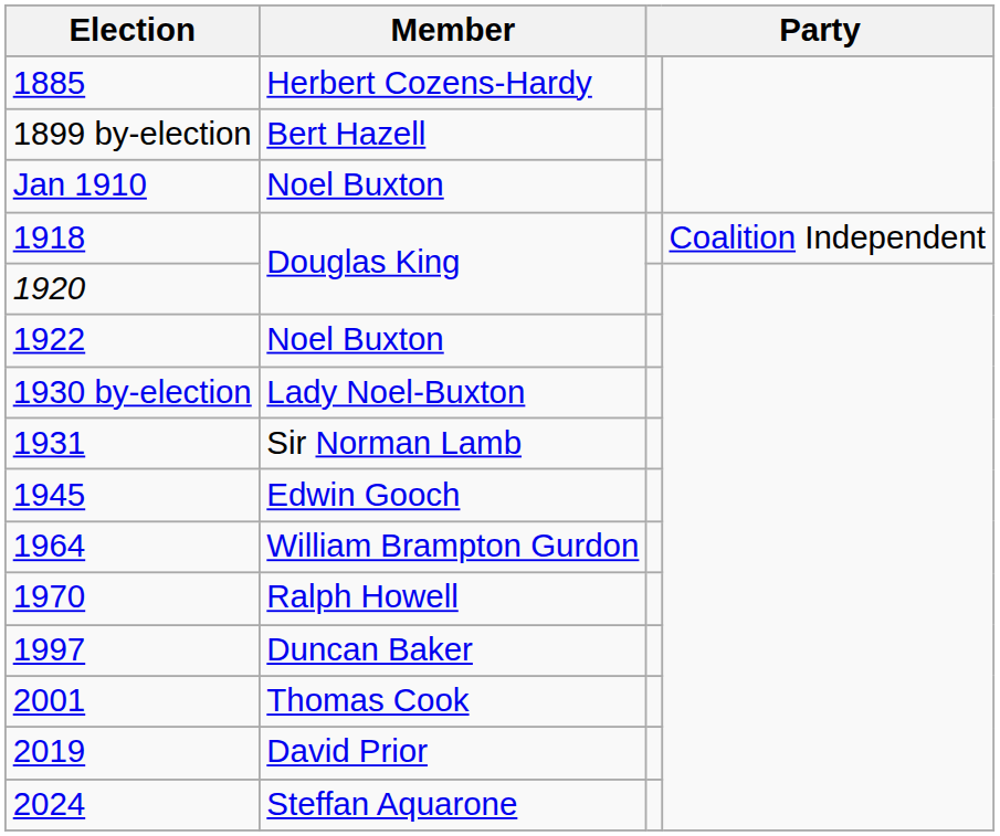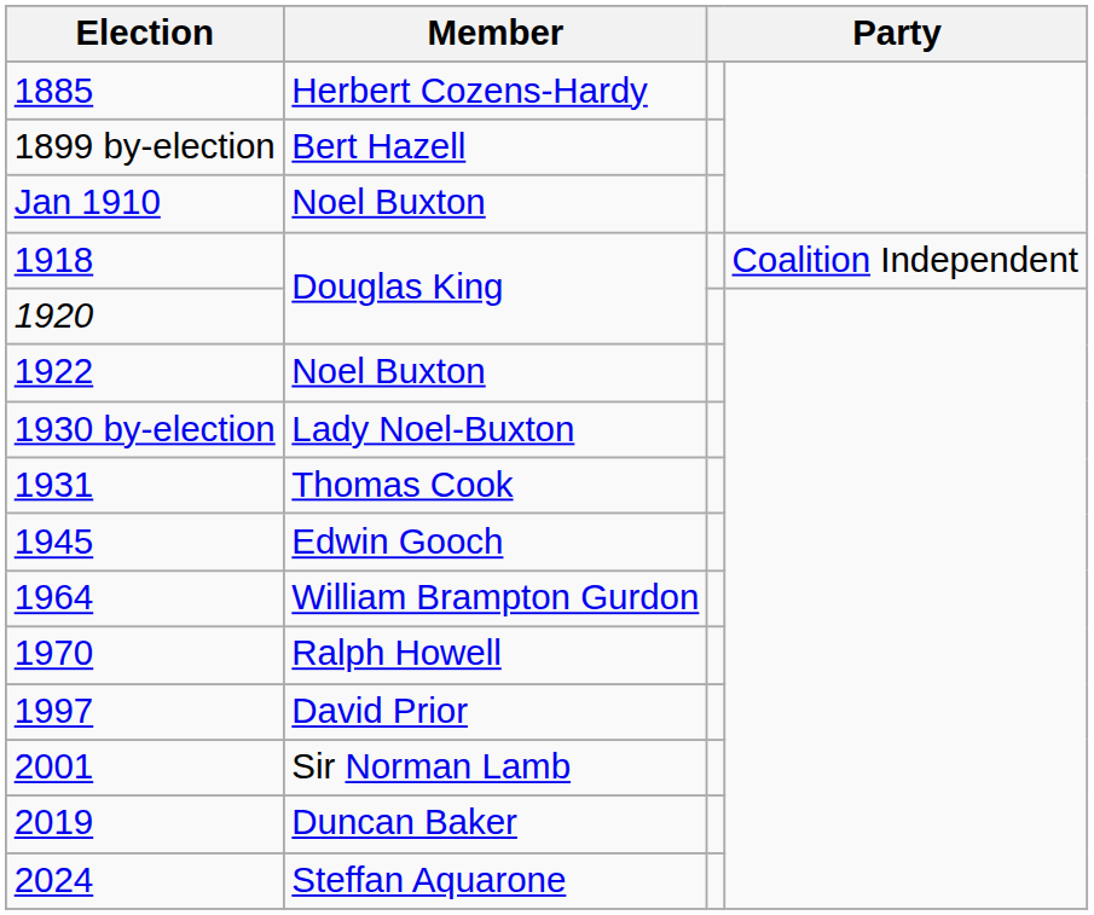 <table class="wikitable">
 <tr>
 <th>Election</th>
 <th>Member</th>
 <th colspan=2>Party</th>
 </tr>
 <tr>
 <td><a href='#'>1885</a></td>
 <td><a href='#'>Herbert Cozens-Hardy</a></td>
 <td></td>
 </tr>
 <tr>
 <td>1899 by-election</td>
 <td><a href='#'>Bert Hazell</a></td>
 <td></td>
 </tr>
 <tr>
 <td><a href='#'>Jan 1910</a></td>
 <td><a href='#'>Noel Buxton</a></td>
 <td></td>
 </tr>
 <tr>
 <td><a href='#'>1918</a></td>
 <td rowspan="2"><a href='#'>Douglas King</a></td>
 <td style="color:inherit;background-color: "></td>
 <td><a href='#'>Coalition</a> Independent</td>
 </tr>
 <tr>
 <td><em>1920</em></td>
 <td></td>
 </tr>
 <tr>
 <td><a href='#'>1922</a></td>
 <td><a href='#'>Noel Buxton</a></td>
 <td></td>
 </tr>
 <tr>
 <td><a href='#'>1930 by-election</a></td>
 <td><a href='#'>Lady Noel-Buxton</a></td>
 <td></td>
 </tr>
 <tr>
 <td><a href='#'>1931</a></td>
-<td>Sir <a href='#'>Norman Lamb</a></td>
+<td><a href='#'>Thomas Cook</a></td>
 <td></td>
 </tr>
 <tr>
 <td><a href='#'>1945</a></td>
 <td><a href='#'>Edwin Gooch</a></td>
 <td></td>
 </tr>
 <tr>
 <td><a href='#'>1964</a></td>
 <td><a href='#'>William Brampton Gurdon</a></td>
 <td></td>
 </tr>
 <tr>
 <td><a href='#'>1970</a></td>
 <td><a href='#'>Ralph Howell</a></td>
 <td></td>
 </tr>
 <tr>
 <td><a href='#'>1997</a></td>
-<td><a href='#'>Duncan Baker</a></td>
+<td><a href='#'>David Prior</a></td>
 <td></td>
 </tr>
 <tr>
 <td><a href='#'>2001</a></td>
-<td><a href='#'>Thomas Cook</a></td>
+<td>Sir <a href='#'>Norman Lamb</a></td>
 <td></td>
 </tr>
 <tr>
 <td><a href='#'>2019</a></td>
-<td><a href='#'>David Prior</a></td>
+<td><a href='#'>Duncan Baker</a></td>
 <td></td>
 </tr>
 <tr>
 <td><a href='#'>2024</a></td>
 <td><a href='#'>Steffan Aquarone</a></td>
 <td></td>
 </tr>
 </table>
